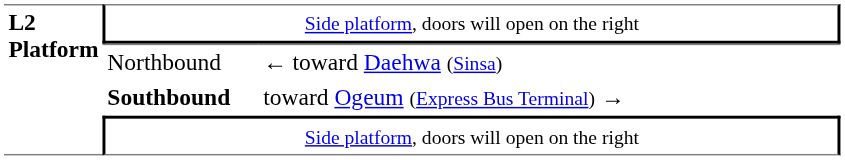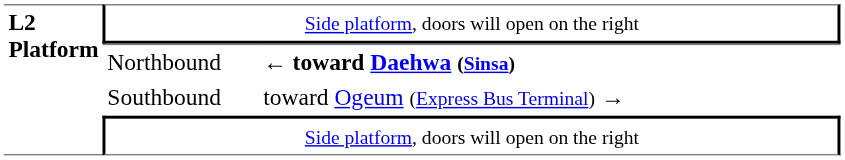 <table table border=0 cellspacing=0 cellpadding=3>
 <tr>
 <td style="border-top:solid 1px gray;border-bottom:solid 1px gray;" width=50 rowspan=10 valign=top><strong>L2<br>Platform</strong></td>
 <td style="border-top:solid 1px gray;border-right:solid 2px black;border-left:solid 2px black;border-bottom:solid 2px black;text-align:center;" colspan=2><small><a href='#'>Side platform</a>, doors will open on the right</small></td>
 </tr>
 <tr>
 <td style="border-bottom:solid 0px gray;border-top:solid 1px gray;" width=100>Northbound</td>
-<td style="border-bottom:solid 0px gray;border-top:solid 1px gray;" width=390>←  toward <a href='#'>Daehwa</a> <small>(<a href='#'>Sinsa</a>)</small></td>
+<td style="border-bottom:solid 0px gray;border-top:solid 1px gray;" width=390><strong>←  toward <a href='#'>Daehwa</a> <small>(<a href='#'>Sinsa</a>)</small></strong></td>
 </tr>
 <tr>
-<td><strong>Southbound</strong></td>
+<td>Southbound</td>
 <td>  toward <a href='#'>Ogeum</a> <small>(<a href='#'>Express Bus Terminal</a>)</small> →</td>
 </tr>
 <tr>
 <td style="border-top:solid 2px black;border-right:solid 2px black;border-left:solid 2px black;border-bottom:solid 1px gray;text-align:center;" colspan=2><small><a href='#'>Side platform</a>, doors will open on the right</small></td>
 </tr>
 </table>
